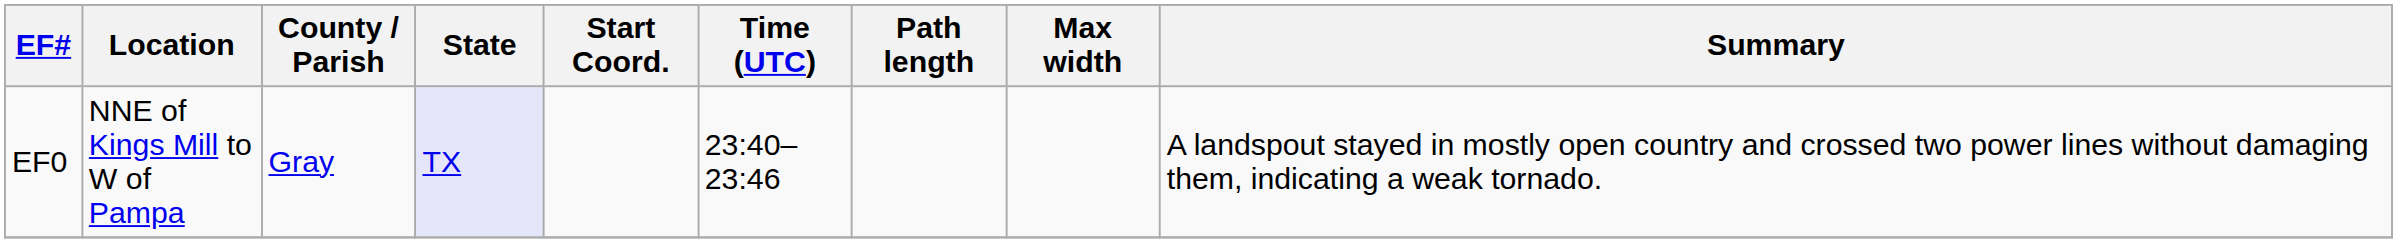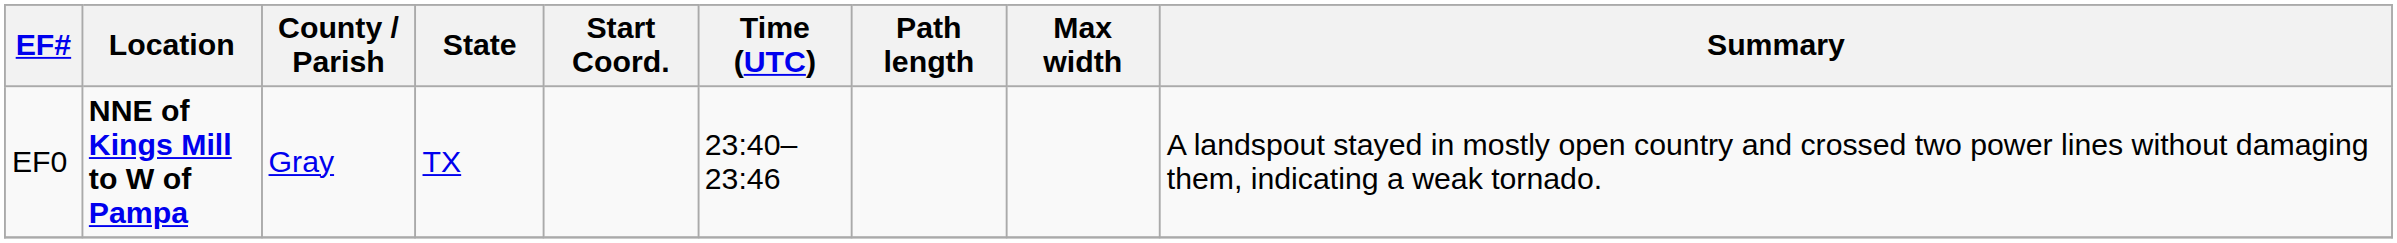 <table class="wikitable sortable" style="width:100%;">
 <tr>
 <th scope="col"  style="width:3%; text-align:center;"><a href='#'>EF#</a></th>
 <th scope="col"  style="width:7%; text-align:center;" class="unsortable">Location</th>
 <th scope="col"  style="width:6%; text-align:center;" class="unsortable">County / Parish</th>
 <th scope="col"  style="width:5%; text-align:center;">State</th>
 <th scope="col"  style="width:6%; text-align:center;">Start Coord.</th>
 <th scope="col"  style="width:6%; text-align:center;">Time (<a href='#'>UTC</a>)</th>
 <th scope="col"  style="width:6%; text-align:center;">Path length</th>
 <th scope="col"  style="width:6%; text-align:center;">Max width</th>
 <th scope="col" class="unsortable" style="width:48%; text-align:center;">Summary</th>
 </tr>
 <tr>
 <td>EF0</td>
-<td>NNE of <a href='#'>Kings Mill</a> to W of <a href='#'>Pampa</a></td>
+<td><strong>NNE of <a href='#'>Kings Mill</a> to W of <a href='#'>Pampa</a></strong></td>
 <td><a href='#'>Gray</a></td>
-<td style="background: lavender;"><a href='#'>TX</a></td>
+<td><a href='#'>TX</a></td>
 <td></td>
 <td>23:40–23:46</td>
 <td></td>
 <td></td>
 <td>A landspout stayed in mostly open country and crossed two power lines without damaging them, indicating a weak tornado.</td>
 </tr>
 <tr>
 </tr>
 </table>
